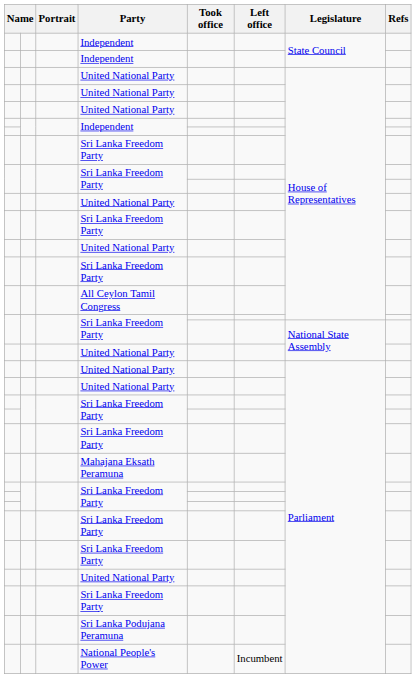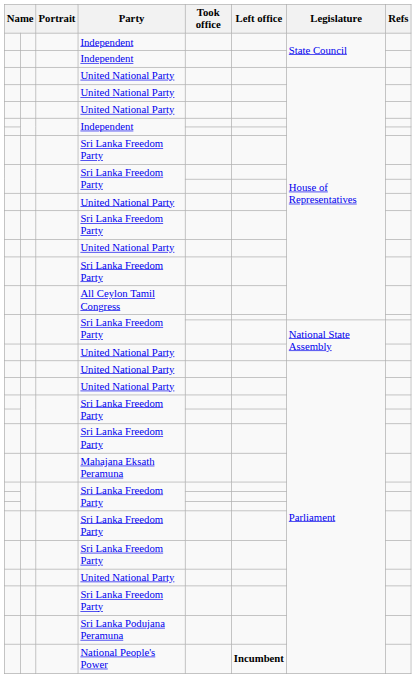 <table class="wikitable plainrowheaders sortable" style="font-size:100%; text-align:left;">
 <tr>
 <th scope=col colspan="2">Name</th>
 <th scope=col class=unsortable>Portrait</th>
 <th scope=col>Party</th>
 <th scope=col>Took office</th>
 <th scope=col>Left office</th>
 <th scope=col>Legislature</th>
 <th scope=col class=unsortable>Refs</th>
 </tr>
 <tr>
 <td !align="center" style="background:"></td>
 <td></td>
 <td></td>
 <td><a href='#'>Independent</a></td>
 <td align=center></td>
 <td align=center></td>
 <td rowspan=2><a href='#'>State Council</a></td>
 <td align=center></td>
 </tr>
 <tr>
 <td !align="center" style="background:"></td>
 <td></td>
 <td align=center></td>
 <td><a href='#'>Independent</a></td>
 <td align=center></td>
 <td align=center></td>
 <td align=center></td>
 </tr>
 <tr>
 <td !align="center" style="background:"></td>
 <td></td>
 <td></td>
 <td><a href='#'>United National Party</a></td>
 <td align=center></td>
 <td align=center></td>
 <td rowspan=14><a href='#'>House of Representatives</a></td>
 <td align=center></td>
 </tr>
 <tr>
 <td !align="center" style="background:"></td>
 <td></td>
 <td></td>
 <td><a href='#'>United National Party</a></td>
 <td align=center></td>
 <td align=center></td>
 <td align=center></td>
 </tr>
 <tr>
 <td !align="center" style="background:"></td>
 <td></td>
 <td></td>
 <td><a href='#'>United National Party</a></td>
 <td align=center></td>
 <td align=center></td>
 <td align=center></td>
 </tr>
 <tr>
 <td !align="center" style="background:"></td>
 <td rowspan=2></td>
 <td rowspan=2></td>
 <td rowspan=2><a href='#'>Independent</a></td>
 <td align=center></td>
 <td align=center></td>
 <td align=center></td>
 </tr>
 <tr>
 <td align=center></td>
 <td align=center></td>
 <td align=center></td>
 </tr>
 <tr>
 <td !align="center" style="background:"></td>
 <td></td>
 <td></td>
 <td><a href='#'>Sri Lanka Freedom Party</a></td>
 <td align=center></td>
 <td align=center></td>
 <td align=center></td>
 </tr>
 <tr>
 <td rowspan=2 !align="center" style="background:"></td>
 <td rowspan=2></td>
 <td rowspan=2></td>
 <td rowspan=2><a href='#'>Sri Lanka Freedom Party</a></td>
 <td align=center></td>
 <td align=center></td>
 <td align=center></td>
 </tr>
 <tr>
 <td align=center></td>
 <td align=center></td>
 <td align=center></td>
 </tr>
 <tr>
 <td !align="center" style="background:"></td>
 <td></td>
 <td></td>
 <td><a href='#'>United National Party</a></td>
 <td align=center></td>
 <td align=center></td>
 <td align=center></td>
 </tr>
 <tr>
 <td !align="center" style="background:"></td>
 <td></td>
 <td></td>
 <td><a href='#'>Sri Lanka Freedom Party</a></td>
 <td align=center></td>
 <td align=center></td>
 <td align=center></td>
 </tr>
 <tr>
 <td !align="center" style="background:"></td>
 <td></td>
 <td></td>
 <td><a href='#'>United National Party</a></td>
 <td align=center></td>
 <td align=center></td>
 <td align=center></td>
 </tr>
 <tr>
 <td !align="center" style="background:"></td>
 <td></td>
 <td></td>
 <td><a href='#'>Sri Lanka Freedom Party</a></td>
 <td align=center></td>
 <td align=center></td>
 <td align=center></td>
 </tr>
 <tr>
 <td !align="center" style="background:"></td>
 <td></td>
 <td></td>
 <td><a href='#'>All Ceylon Tamil Congress</a></td>
 <td align=center></td>
 <td align=center></td>
 <td align=center></td>
 </tr>
 <tr>
 <td rowspan=2 !align="center" style="background:"></td>
 <td rowspan=2></td>
 <td rowspan=2></td>
 <td rowspan=2><a href='#'>Sri Lanka Freedom Party</a></td>
 <td align=center></td>
 <td align=center></td>
 <td align=center></td>
 </tr>
 <tr>
 <td align=center></td>
 <td align=center></td>
 <td rowspan=2><a href='#'>National State Assembly</a></td>
 <td align=center></td>
 </tr>
 <tr>
 <td !align="center" style="background:"></td>
 <td></td>
 <td></td>
 <td><a href='#'>United National Party</a></td>
 <td align=center></td>
 <td align=center></td>
 <td align=center></td>
 </tr>
 <tr>
 <td !align="center" style="background:"></td>
 <td></td>
 <td></td>
 <td><a href='#'>United National Party</a></td>
 <td align=center></td>
 <td align=center></td>
 <td rowspan="15"><a href='#'>Parliament</a></td>
 <td align=center></td>
 </tr>
 <tr>
 <td !align="center" style="background:"></td>
 <td></td>
 <td></td>
 <td><a href='#'>United National Party</a></td>
 <td align=center></td>
 <td align=center></td>
 <td align=center></td>
 </tr>
 <tr>
 <td !align="center" style="background:"></td>
 <td rowspan=2></td>
 <td rowspan=2></td>
 <td rowspan=2><a href='#'>Sri Lanka Freedom Party</a></td>
 <td align=center></td>
 <td align=center></td>
 <td align=center></td>
 </tr>
 <tr>
 <td align=center></td>
 <td align=center></td>
 <td align=center></td>
 </tr>
 <tr>
 <td !align="center" style="background:"></td>
 <td></td>
 <td></td>
 <td><a href='#'>Sri Lanka Freedom Party</a></td>
 <td align=center></td>
 <td align=center></td>
 <td align=center></td>
 </tr>
 <tr>
 <td !align="center" style="background:"></td>
 <td></td>
 <td></td>
 <td><a href='#'>Mahajana Eksath Peramuna</a></td>
 <td align=center></td>
 <td align=center></td>
 <td align=center></td>
 </tr>
 <tr>
 <td !align="center" style="background:"></td>
 <td rowspan=3></td>
 <td rowspan=3></td>
 <td rowspan=3><a href='#'>Sri Lanka Freedom Party</a></td>
 <td align=center></td>
 <td align=center></td>
 <td align=center></td>
 </tr>
 <tr>
 <td align=center></td>
 <td align=center></td>
 <td align=center></td>
 </tr>
 <tr>
 <td align=center></td>
 <td align=center></td>
 <td align=center></td>
 </tr>
 <tr>
 <td !align="center" style="background:"></td>
 <td></td>
 <td></td>
 <td><a href='#'>Sri Lanka Freedom Party</a></td>
 <td align=center></td>
 <td align=center></td>
 <td align=center></td>
 </tr>
 <tr>
 <td !align="center" style="background:"></td>
 <td></td>
 <td></td>
 <td><a href='#'>Sri Lanka Freedom Party</a></td>
 <td align=center></td>
 <td align=center></td>
 <td align=center></td>
 </tr>
 <tr>
 <td !align="center" style="background:"></td>
 <td></td>
 <td></td>
 <td><a href='#'>United National Party</a></td>
 <td align=center></td>
 <td align=center></td>
 <td align=center></td>
 </tr>
 <tr>
 <td !align="center" style="background:"></td>
 <td></td>
 <td></td>
 <td><a href='#'>Sri Lanka Freedom Party</a></td>
 <td align=center></td>
 <td align=center></td>
 <td></td>
 </tr>
 <tr>
 <td !align="center" style="background:"></td>
 <td></td>
 <td></td>
 <td><a href='#'>Sri Lanka Podujana Peramuna</a></td>
 <td align=center></td>
 <td align=center></td>
 <td align=center></td>
 </tr>
 <tr>
 <td !align="center" style="background:"></td>
 <td></td>
 <td></td>
 <td><a href='#'>National People's Power</a></td>
 <td align=center></td>
-<td align=center>Incumbent</td>
+<td align=center><strong>Incumbent</strong></td>
 <td></td>
 </tr>
 </table>
